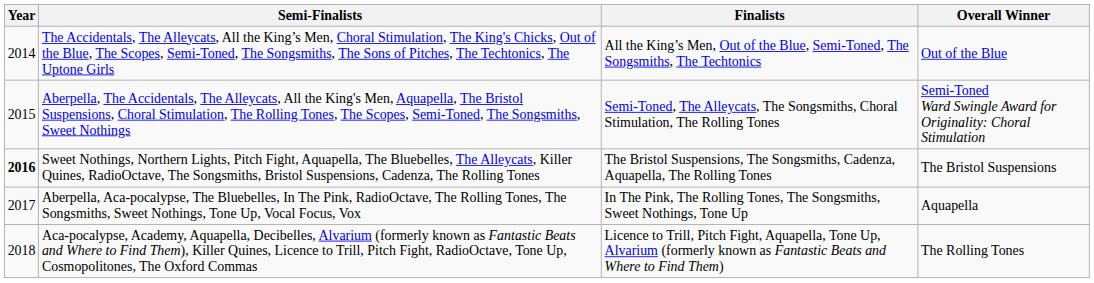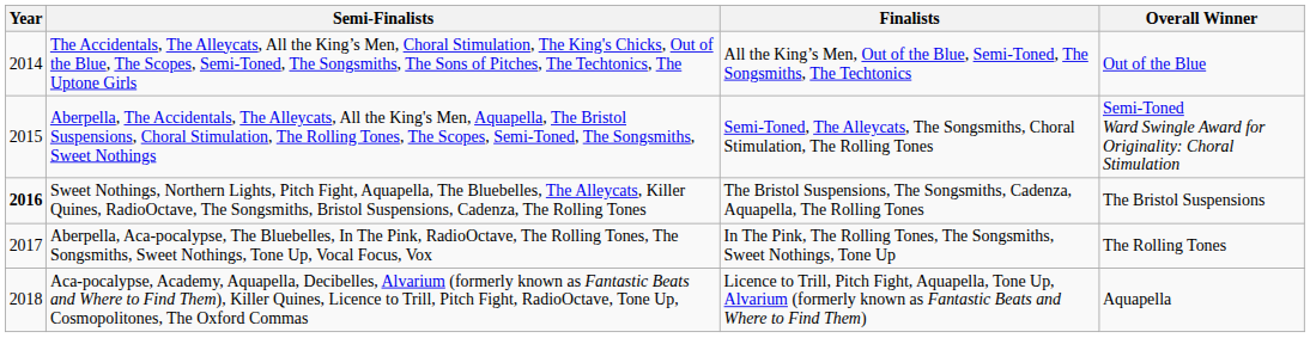 <table class="wikitable">
 <tr>
 <th>Year</th>
 <th>Semi-Finalists</th>
 <th>Finalists</th>
 <th>Overall Winner</th>
 </tr>
 <tr>
 <td>2014</td>
 <td><a href='#'>The Accidentals</a>, <a href='#'>The Alleycats</a>, All the King’s Men, <a href='#'>Choral Stimulation</a>, <a href='#'>The King's Chicks</a>, <a href='#'>Out of the Blue</a>, <a href='#'>The Scopes</a>, <a href='#'>Semi-Toned</a>, <a href='#'>The Songsmiths</a>, <a href='#'>The Sons of Pitches</a>, <a href='#'>The Techtonics</a>, <a href='#'>The Uptone Girls</a></td>
 <td>All the King’s Men, <a href='#'>Out of the Blue</a>, <a href='#'>Semi-Toned</a>, <a href='#'>The Songsmiths</a>, <a href='#'>The Techtonics</a></td>
 <td><a href='#'>Out of the Blue</a></td>
 </tr>
 <tr>
 <td>2015</td>
 <td><a href='#'>Aberpella</a>, <a href='#'>The Accidentals</a>, <a href='#'>The Alleycats</a>, All the King's Men, <a href='#'>Aquapella</a>, <a href='#'>The Bristol Suspensions</a>, <a href='#'>Choral Stimulation</a>, <a href='#'>The Rolling Tones</a>, <a href='#'>The Scopes</a>, <a href='#'>Semi-Toned</a>, <a href='#'>The Songsmiths</a>, <a href='#'>Sweet Nothings</a></td>
 <td><a href='#'>Semi-Toned</a>, <a href='#'>The Alleycats</a>, The Songsmiths, Choral Stimulation, The Rolling Tones</td>
 <td><a href='#'>Semi-Toned</a><br><em>Ward Swingle Award for Originality: Choral Stimulation</em></td>
 </tr>
 <tr>
 <td><strong>2016</strong></td>
 <td>Sweet Nothings, Northern Lights, Pitch Fight, Aquapella, The Bluebelles, <a href='#'>The Alleycats</a>, Killer Quines, RadioOctave, The Songsmiths, Bristol Suspensions, Cadenza, The Rolling Tones</td>
 <td>The Bristol Suspensions, The Songsmiths, Cadenza, Aquapella, The Rolling Tones</td>
 <td>The Bristol Suspensions</td>
 </tr>
 <tr>
 <td>2017</td>
 <td>Aberpella, Aca-pocalypse, The Bluebelles, In The Pink, RadioOctave, The Rolling Tones, The Songsmiths, Sweet Nothings, Tone Up, Vocal Focus, Vox</td>
 <td>In The Pink, The Rolling Tones, The Songsmiths, Sweet Nothings, Tone Up</td>
-<td>Aquapella</td>
+<td>The Rolling Tones</td>
 </tr>
 <tr>
 <td>2018</td>
 <td>Aca-pocalypse, Academy, Aquapella, Decibelles, <a href='#'>Alvarium</a> (formerly known as <em>Fantastic Beats and Where to Find Them</em>), Killer Quines, Licence to Trill, Pitch Fight, RadioOctave, Tone Up, Cosmopolitones, The Oxford Commas</td>
 <td>Licence to Trill, Pitch Fight, Aquapella, Tone Up, <a href='#'>Alvarium</a> (formerly known as <em>Fantastic Beats and Where to Find Them</em>)</td>
-<td>The Rolling Tones</td>
+<td>Aquapella</td>
 </tr>
 </table>
